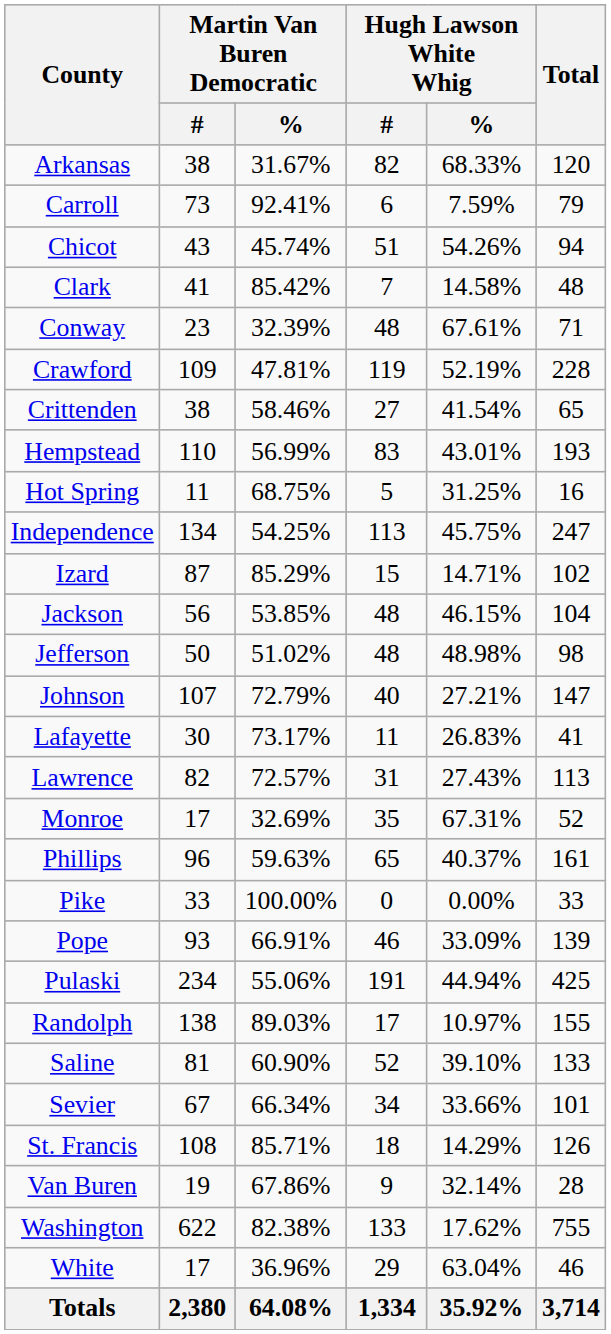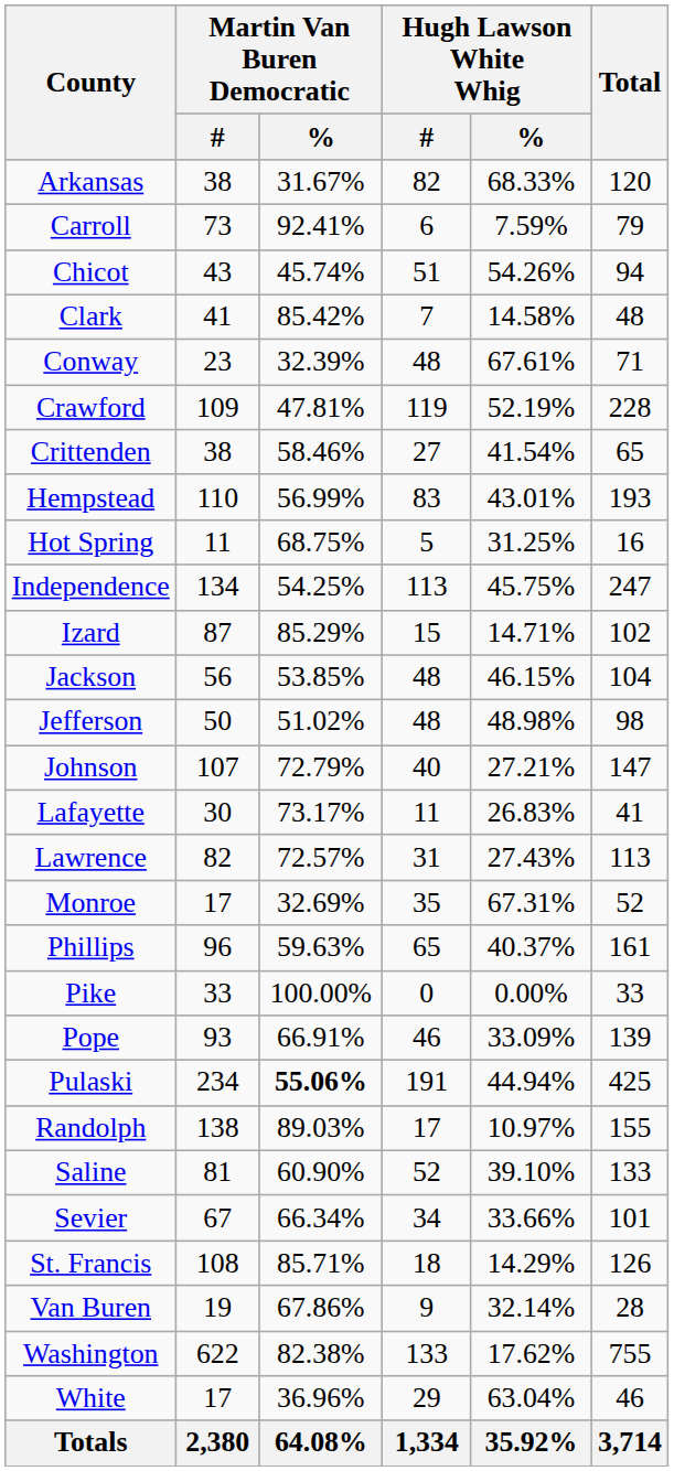 <table class="wikitable sortable" width="60%">
 <tr>
 <th rowspan="2">County</th>
 <th colspan="2">Martin Van Buren<br>Democratic</th>
 <th colspan="2">Hugh Lawson White<br>Whig</th>
 <th rowspan="2">Total</th>
 </tr>
 <tr>
 <th data-sort-type="number" style="text-align:center;">#</th>
 <th data-sort-type="number" style="text-align:center;">%</th>
 <th data-sort-type="number" style="text-align:center;">#</th>
 <th data-sort-type="number" style="text-align:center;">%</th>
 </tr>
 <tr style="text-align:center;">
 <td><a href='#'>Arkansas</a></td>
 <td>38</td>
 <td>31.67%</td>
 <td>82</td>
 <td>68.33%</td>
 <td>120</td>
 </tr>
 <tr style="text-align:center;">
 <td><a href='#'>Carroll</a></td>
 <td>73</td>
 <td>92.41%</td>
 <td>6</td>
 <td>7.59%</td>
 <td>79</td>
 </tr>
 <tr style="text-align:center;">
 <td><a href='#'>Chicot</a></td>
 <td>43</td>
 <td>45.74%</td>
 <td>51</td>
 <td>54.26%</td>
 <td>94</td>
 </tr>
 <tr style="text-align:center;">
 <td><a href='#'>Clark</a></td>
 <td>41</td>
 <td>85.42%</td>
 <td>7</td>
 <td>14.58%</td>
 <td>48</td>
 </tr>
 <tr style="text-align:center;">
 <td><a href='#'>Conway</a></td>
 <td>23</td>
 <td>32.39%</td>
 <td>48</td>
 <td>67.61%</td>
 <td>71</td>
 </tr>
 <tr style="text-align:center;">
 <td><a href='#'>Crawford</a></td>
 <td>109</td>
 <td>47.81%</td>
 <td>119</td>
 <td>52.19%</td>
 <td>228</td>
 </tr>
 <tr style="text-align:center;">
 <td><a href='#'>Crittenden</a></td>
 <td>38</td>
 <td>58.46%</td>
 <td>27</td>
 <td>41.54%</td>
 <td>65</td>
 </tr>
 <tr style="text-align:center;">
 <td><a href='#'>Hempstead</a></td>
 <td>110</td>
 <td>56.99%</td>
 <td>83</td>
 <td>43.01%</td>
 <td>193</td>
 </tr>
 <tr style="text-align:center;">
 <td><a href='#'>Hot Spring</a></td>
 <td>11</td>
 <td>68.75%</td>
 <td>5</td>
 <td>31.25%</td>
 <td>16</td>
 </tr>
 <tr style="text-align:center;">
 <td><a href='#'>Independence</a></td>
 <td>134</td>
 <td>54.25%</td>
 <td>113</td>
 <td>45.75%</td>
 <td>247</td>
 </tr>
 <tr style="text-align:center;">
 <td><a href='#'>Izard</a></td>
 <td>87</td>
 <td>85.29%</td>
 <td>15</td>
 <td>14.71%</td>
 <td>102</td>
 </tr>
 <tr style="text-align:center;">
 <td><a href='#'>Jackson</a></td>
 <td>56</td>
 <td>53.85%</td>
 <td>48</td>
 <td>46.15%</td>
 <td>104</td>
 </tr>
 <tr style="text-align:center;">
 <td><a href='#'>Jefferson</a></td>
 <td>50</td>
 <td>51.02%</td>
 <td>48</td>
 <td>48.98%</td>
 <td>98</td>
 </tr>
 <tr style="text-align:center;">
 <td><a href='#'>Johnson</a></td>
 <td>107</td>
 <td>72.79%</td>
 <td>40</td>
 <td>27.21%</td>
 <td>147</td>
 </tr>
 <tr style="text-align:center;">
 <td><a href='#'>Lafayette</a></td>
 <td>30</td>
 <td>73.17%</td>
 <td>11</td>
 <td>26.83%</td>
 <td>41</td>
 </tr>
 <tr style="text-align:center;">
 <td><a href='#'>Lawrence</a></td>
 <td>82</td>
 <td>72.57%</td>
 <td>31</td>
 <td>27.43%</td>
 <td>113</td>
 </tr>
 <tr style="text-align:center;">
 <td><a href='#'>Monroe</a></td>
 <td>17</td>
 <td>32.69%</td>
 <td>35</td>
 <td>67.31%</td>
 <td>52</td>
 </tr>
 <tr style="text-align:center;">
 <td><a href='#'>Phillips</a></td>
 <td>96</td>
 <td>59.63%</td>
 <td>65</td>
 <td>40.37%</td>
 <td>161</td>
 </tr>
 <tr style="text-align:center;">
 <td><a href='#'>Pike</a></td>
 <td>33</td>
 <td>100.00%</td>
 <td>0</td>
 <td>0.00%</td>
 <td>33</td>
 </tr>
 <tr style="text-align:center;">
 <td><a href='#'>Pope</a></td>
 <td>93</td>
 <td>66.91%</td>
 <td>46</td>
 <td>33.09%</td>
 <td>139</td>
 </tr>
 <tr style="text-align:center;">
 <td><a href='#'>Pulaski</a></td>
 <td>234</td>
-<td>55.06%</td>
+<td><strong>55.06%</strong></td>
 <td>191</td>
 <td>44.94%</td>
 <td>425</td>
 </tr>
 <tr style="text-align:center;">
 <td><a href='#'>Randolph</a></td>
 <td>138</td>
 <td>89.03%</td>
 <td>17</td>
 <td>10.97%</td>
 <td>155</td>
 </tr>
 <tr style="text-align:center;">
 <td><a href='#'>Saline</a></td>
 <td>81</td>
 <td>60.90%</td>
 <td>52</td>
 <td>39.10%</td>
 <td>133</td>
 </tr>
 <tr style="text-align:center;">
 <td><a href='#'>Sevier</a></td>
 <td>67</td>
 <td>66.34%</td>
 <td>34</td>
 <td>33.66%</td>
 <td>101</td>
 </tr>
 <tr style="text-align:center;">
 <td><a href='#'>St. Francis</a></td>
 <td>108</td>
 <td>85.71%</td>
 <td>18</td>
 <td>14.29%</td>
 <td>126</td>
 </tr>
 <tr style="text-align:center;">
 <td><a href='#'>Van Buren</a></td>
 <td>19</td>
 <td>67.86%</td>
 <td>9</td>
 <td>32.14%</td>
 <td>28</td>
 </tr>
 <tr style="text-align:center;">
 <td><a href='#'>Washington</a></td>
 <td>622</td>
 <td>82.38%</td>
 <td>133</td>
 <td>17.62%</td>
 <td>755</td>
 </tr>
 <tr style="text-align:center;">
 <td><a href='#'>White</a></td>
 <td>17</td>
 <td>36.96%</td>
 <td>29</td>
 <td>63.04%</td>
 <td>46</td>
 </tr>
 <tr>
 <th>Totals</th>
 <th>2,380</th>
 <th>64.08%</th>
 <th>1,334</th>
 <th>35.92%</th>
 <th>3,714</th>
 </tr>
 </table>
